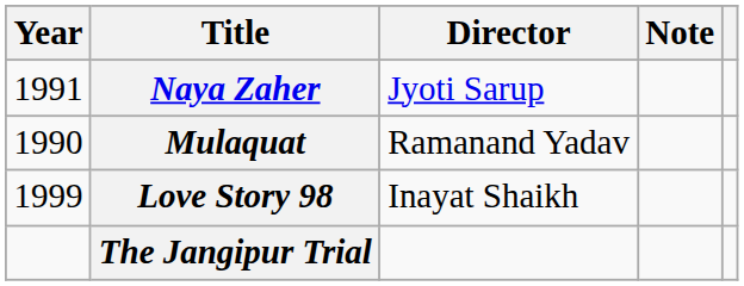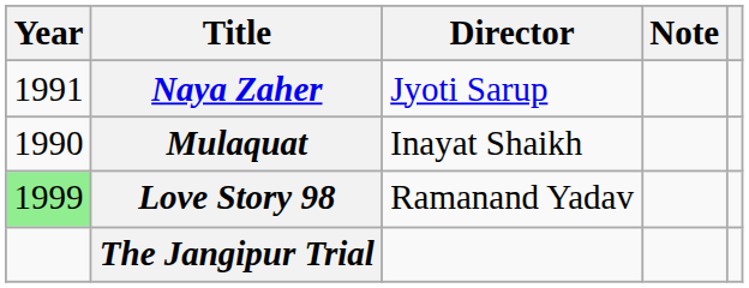 <table class="wikitable">
 <tr>
 <th>Year</th>
 <th>Title</th>
 <th>Director</th>
 <th>Note</th>
 <th></th>
 </tr>
 <tr>
 <td>1991</td>
 <th scope="row"><em><a href='#'>Naya Zaher</a></em></th>
 <td><a href='#'>Jyoti Sarup</a></td>
 <td></td>
 <td></td>
 </tr>
 <tr>
 <td>1990</td>
 <th scope="row"><em>Mulaquat</em></th>
-<td>Ramanand Yadav</td>
+<td>Inayat Shaikh</td>
 <td></td>
 <td></td>
 </tr>
 <tr>
-<td>1999</td>
+<td style="background: lightgreen;">1999</td>
 <th><em>Love Story 98</em></th>
-<td>Inayat Shaikh</td>
+<td>Ramanand Yadav</td>
 <td></td>
 <td></td>
 </tr>
 <tr>
 <td></td>
 <th><em>The Jangipur Trial</em></th>
 <td></td>
 <td></td>
 <td></td>
 </tr>
 </table>
